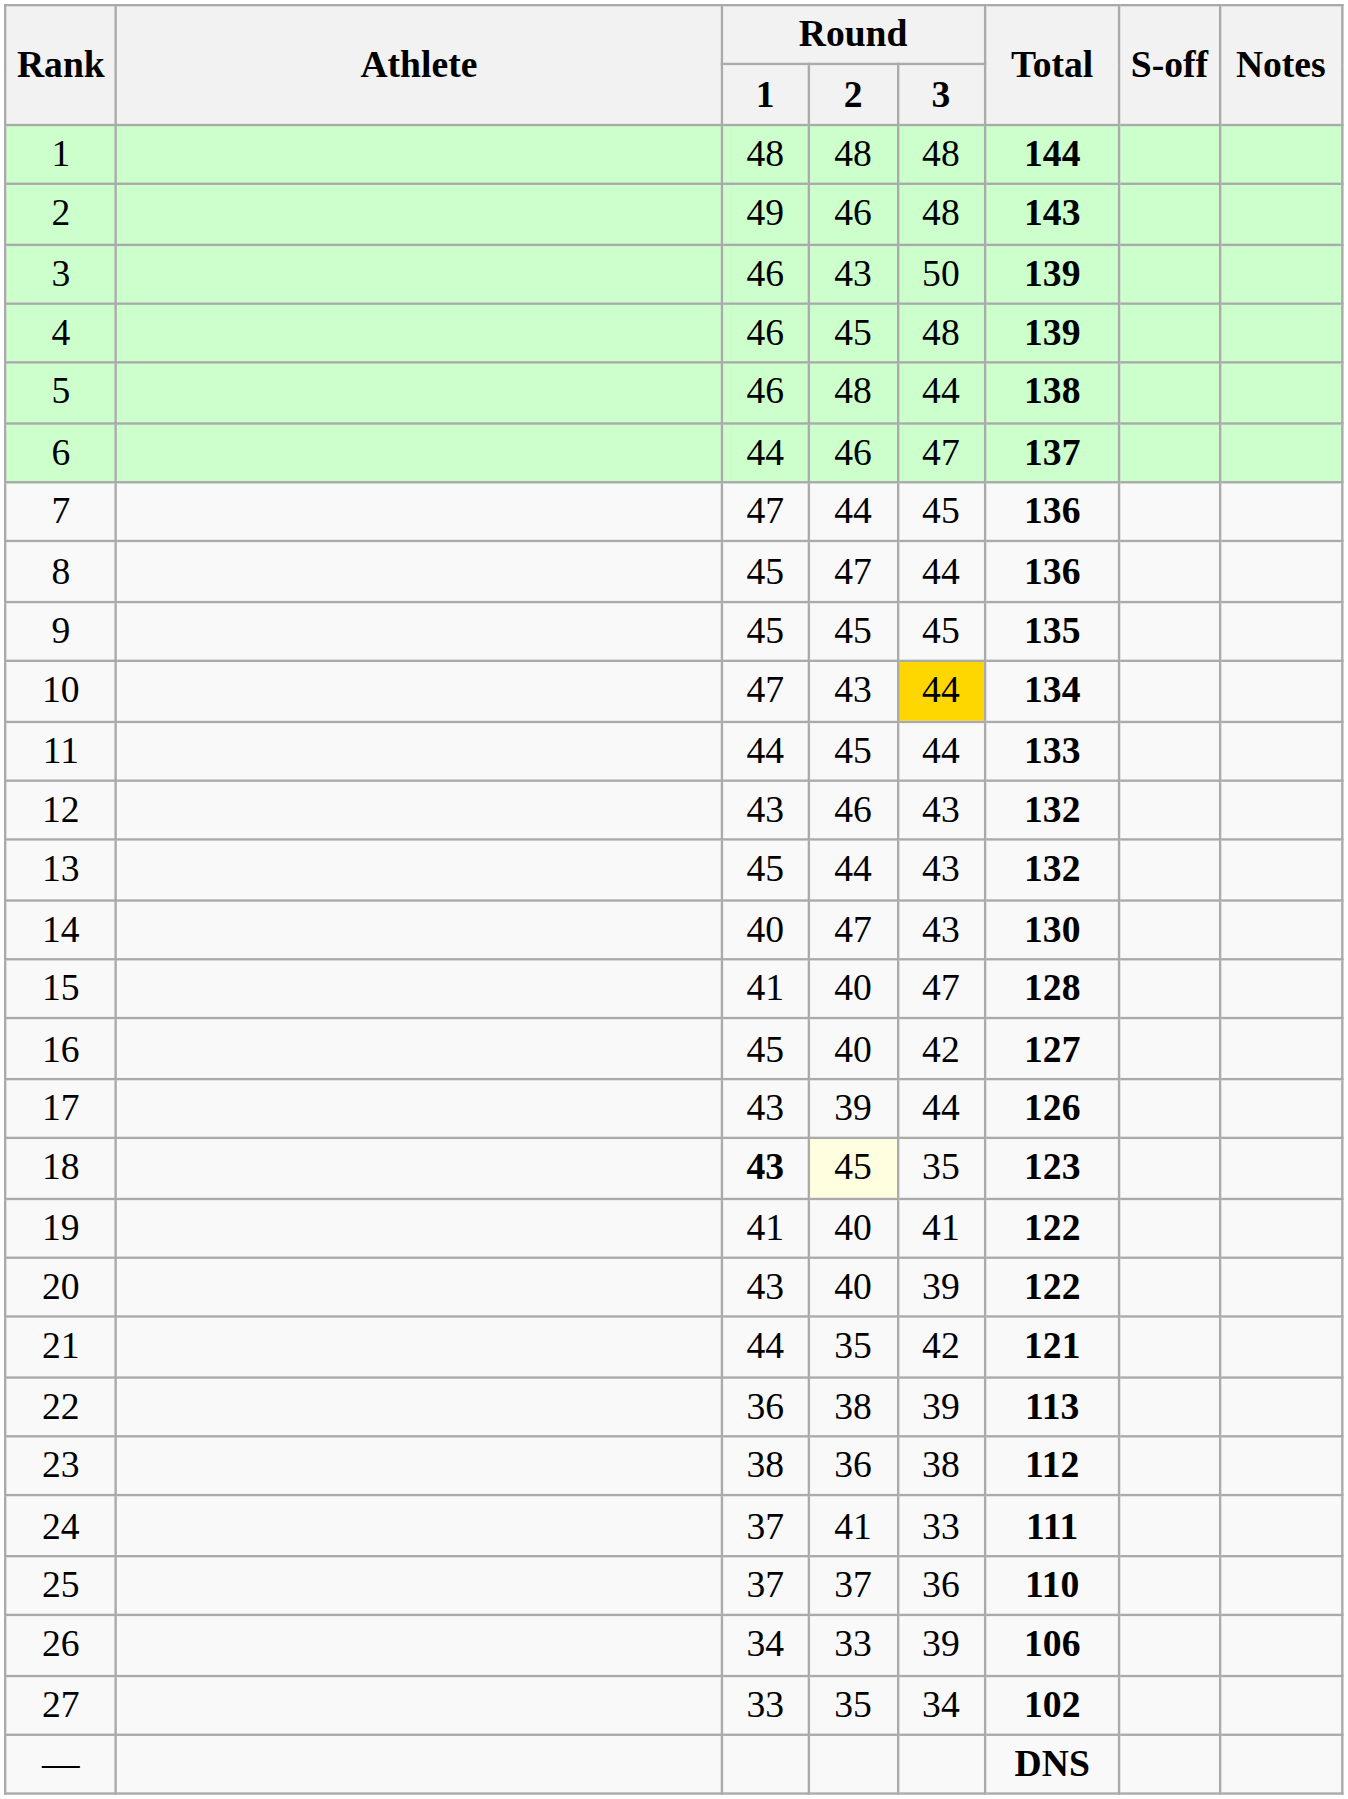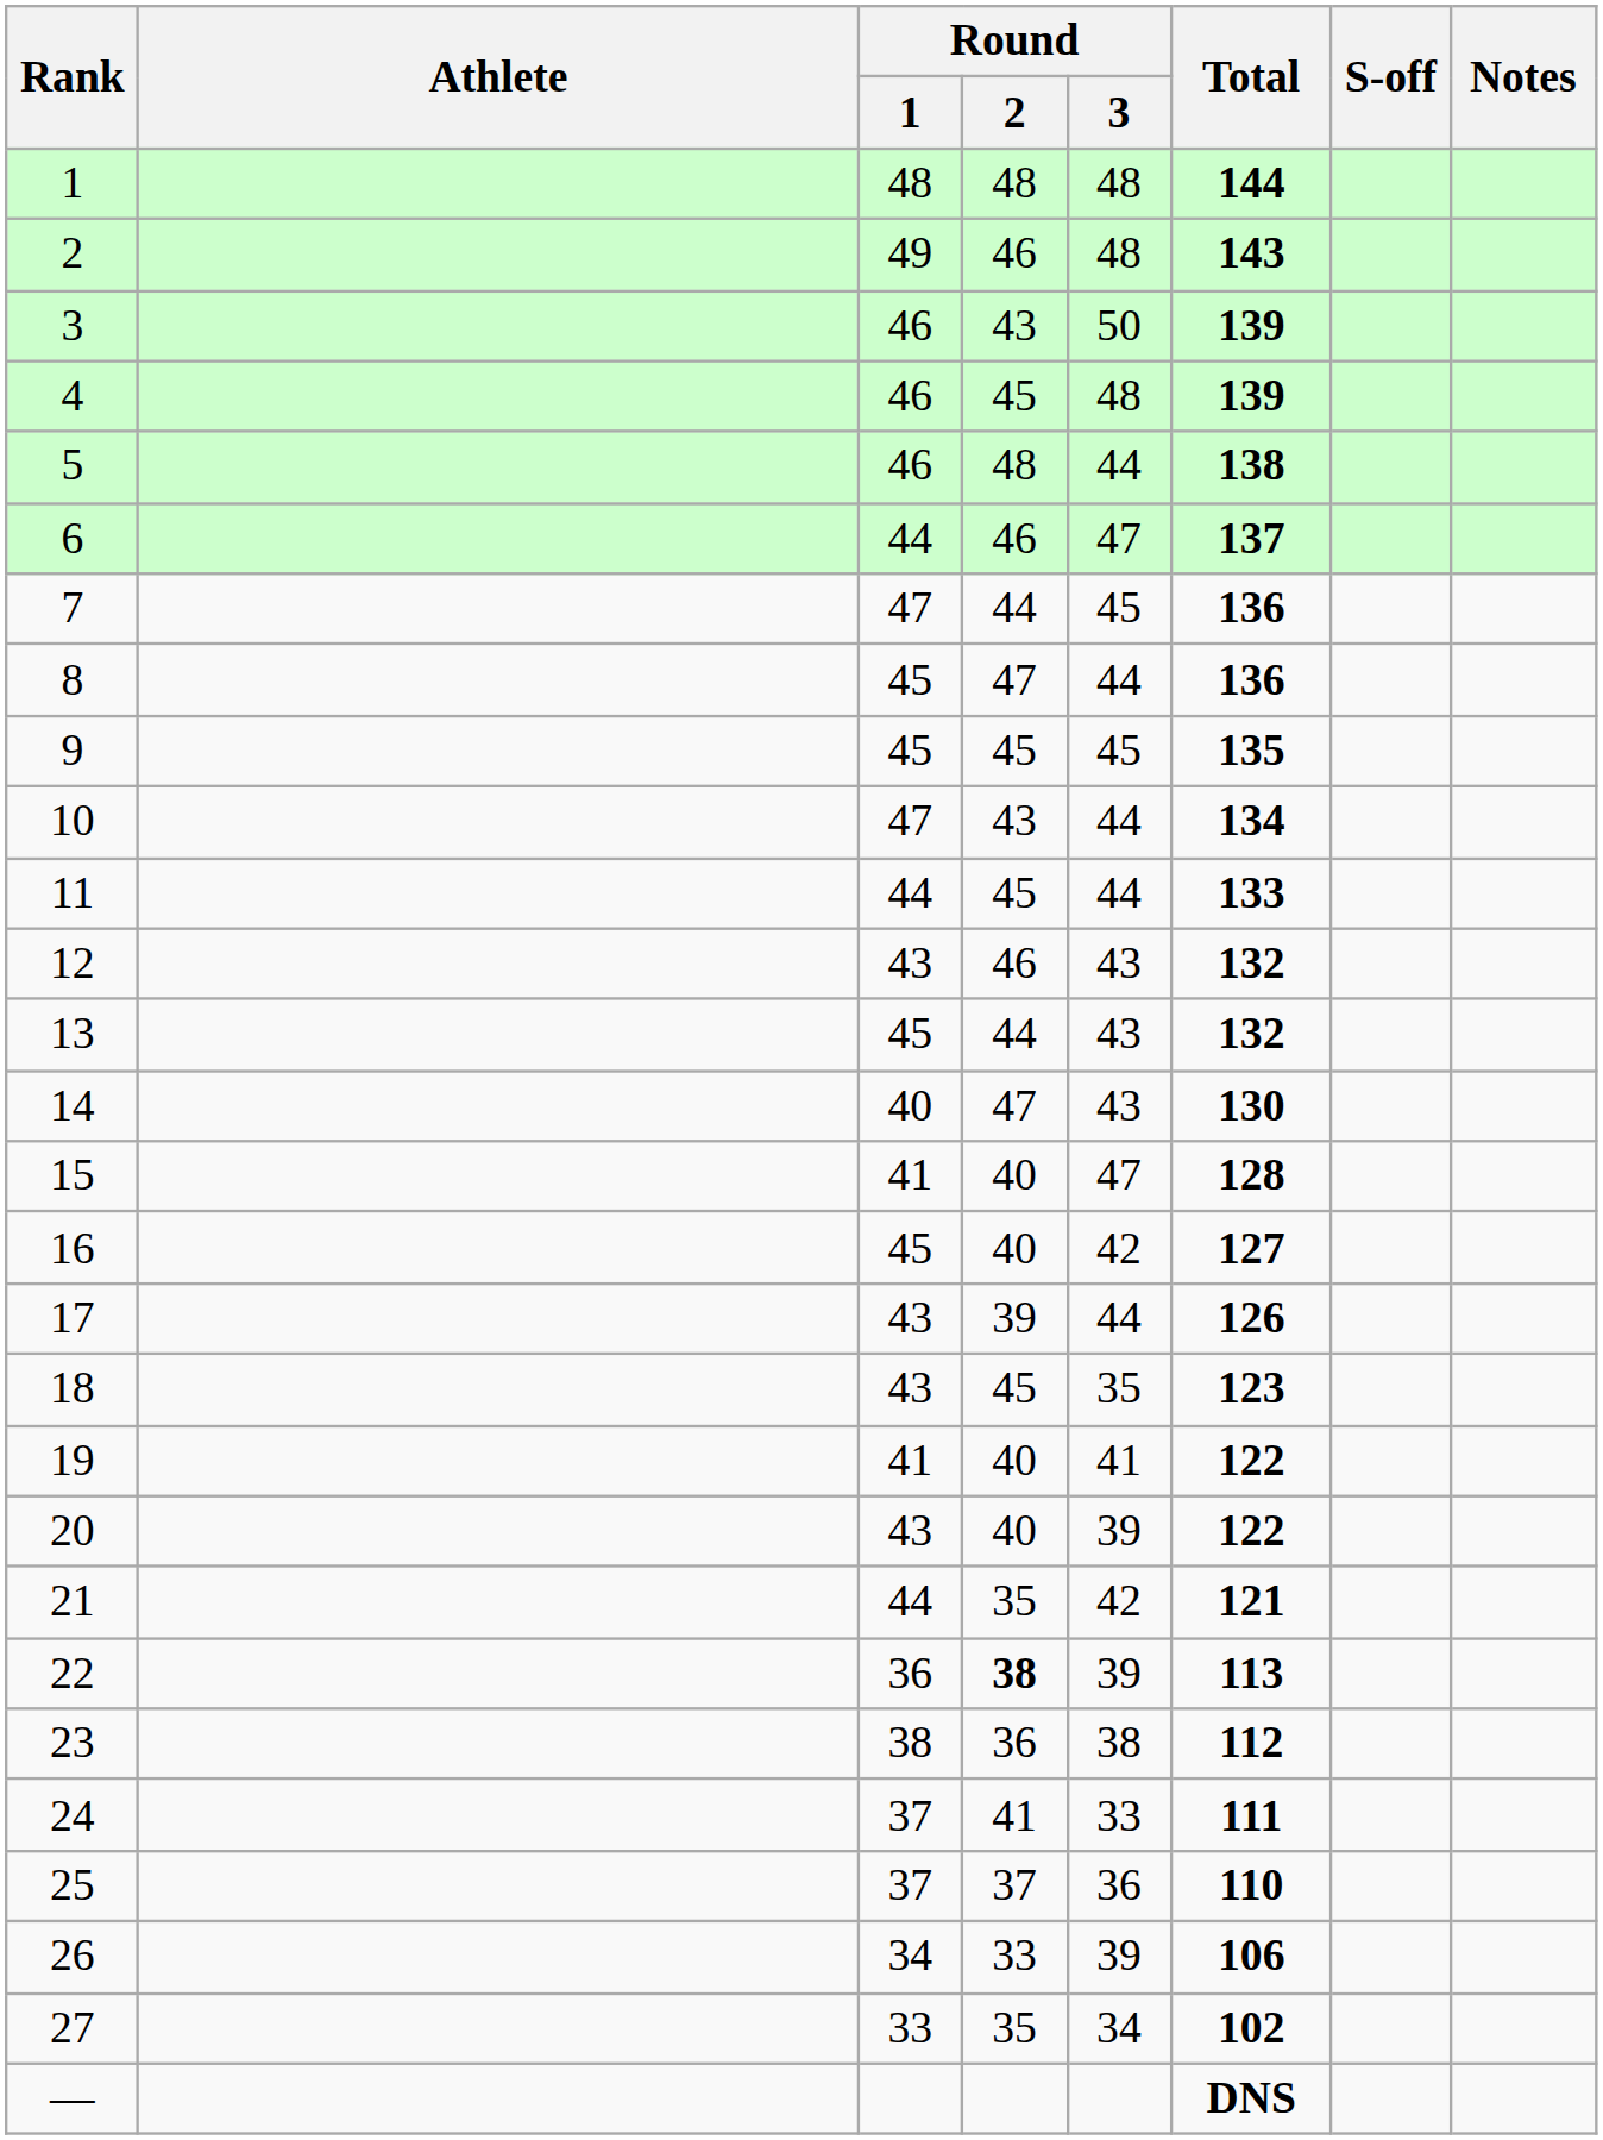 <table class="wikitable" style="text-align:center">
 <tr>
 <th rowspan=2 width=40>Rank</th>
 <th rowspan=2 width=250>Athlete</th>
 <th colspan=3>Round</th>
 <th rowspan=2 width=50>Total</th>
 <th rowspan=2 width=35>S-off</th>
 <th rowspan=2 width=45>Notes</th>
 </tr>
 <tr>
 <th width=30>1</th>
 <th width=30>2</th>
 <th width=30>3</th>
 </tr>
 <tr bgcolor=ccffcc>
 <td>1</td>
 <td align=left></td>
 <td>48</td>
 <td>48</td>
 <td>48</td>
 <td><strong>144</strong></td>
 <td></td>
 <td></td>
 </tr>
 <tr bgcolor=ccffcc>
 <td>2</td>
 <td align=left></td>
 <td>49</td>
 <td>46</td>
 <td>48</td>
 <td><strong>143</strong></td>
 <td></td>
 <td></td>
 </tr>
 <tr bgcolor=ccffcc>
 <td>3</td>
 <td align=left></td>
 <td>46</td>
 <td>43</td>
 <td>50</td>
 <td><strong>139</strong></td>
 <td></td>
 <td></td>
 </tr>
 <tr bgcolor=ccffcc>
 <td>4</td>
 <td align=left></td>
 <td>46</td>
 <td>45</td>
 <td>48</td>
 <td><strong>139</strong></td>
 <td></td>
 <td></td>
 </tr>
 <tr bgcolor=ccffcc>
 <td>5</td>
 <td align=left></td>
 <td>46</td>
 <td>48</td>
 <td>44</td>
 <td><strong>138</strong></td>
 <td></td>
 <td></td>
 </tr>
 <tr bgcolor=ccffcc>
 <td>6</td>
 <td align=left></td>
 <td>44</td>
 <td>46</td>
 <td>47</td>
 <td><strong>137</strong></td>
 <td></td>
 <td></td>
 </tr>
 <tr>
 <td>7</td>
 <td align=left></td>
 <td>47</td>
 <td>44</td>
 <td>45</td>
 <td><strong>136</strong></td>
 <td></td>
 <td></td>
 </tr>
 <tr>
 <td>8</td>
 <td align=left></td>
 <td>45</td>
 <td>47</td>
 <td>44</td>
 <td><strong>136</strong></td>
 <td></td>
 <td></td>
 </tr>
 <tr>
 <td>9</td>
 <td align=left></td>
 <td>45</td>
 <td>45</td>
 <td>45</td>
 <td><strong>135</strong></td>
 <td></td>
 <td></td>
 </tr>
 <tr>
 <td>10</td>
 <td align=left></td>
 <td>47</td>
 <td>43</td>
-<td style="background: gold;">44</td>
+<td>44</td>
 <td><strong>134</strong></td>
 <td></td>
 <td></td>
 </tr>
 <tr>
 <td>11</td>
 <td align=left></td>
 <td>44</td>
 <td>45</td>
 <td>44</td>
 <td><strong>133</strong></td>
 <td></td>
 <td></td>
 </tr>
 <tr>
 <td>12</td>
 <td align=left></td>
 <td>43</td>
 <td>46</td>
 <td>43</td>
 <td><strong>132</strong></td>
 <td></td>
 <td></td>
 </tr>
 <tr>
 <td>13</td>
 <td align=left></td>
 <td>45</td>
 <td>44</td>
 <td>43</td>
 <td><strong>132</strong></td>
 <td></td>
 <td></td>
 </tr>
 <tr>
 <td>14</td>
 <td align=left></td>
 <td>40</td>
 <td>47</td>
 <td>43</td>
 <td><strong>130</strong></td>
 <td></td>
 <td></td>
 </tr>
 <tr>
 <td>15</td>
 <td align=left></td>
 <td>41</td>
 <td>40</td>
 <td>47</td>
 <td><strong>128</strong></td>
 <td></td>
 <td></td>
 </tr>
 <tr>
 <td>16</td>
 <td align=left></td>
 <td>45</td>
 <td>40</td>
 <td>42</td>
 <td><strong>127</strong></td>
 <td></td>
 <td></td>
 </tr>
 <tr>
 <td>17</td>
 <td align=left></td>
 <td>43</td>
 <td>39</td>
 <td>44</td>
 <td><strong>126</strong></td>
 <td></td>
 <td></td>
 </tr>
 <tr>
 <td>18</td>
 <td align=left></td>
-<td><strong>43</strong></td>
-<td style="background: lightyellow;">45</td>
+<td>43</td>
+<td>45</td>
 <td>35</td>
 <td><strong>123</strong></td>
 <td></td>
 <td></td>
 </tr>
 <tr>
 <td>19</td>
 <td align=left></td>
 <td>41</td>
 <td>40</td>
 <td>41</td>
 <td><strong>122</strong></td>
 <td></td>
 <td></td>
 </tr>
 <tr>
 <td>20</td>
 <td align=left></td>
 <td>43</td>
 <td>40</td>
 <td>39</td>
 <td><strong>122</strong></td>
 <td></td>
 <td></td>
 </tr>
 <tr>
 <td>21</td>
 <td align=left></td>
 <td>44</td>
 <td>35</td>
 <td>42</td>
 <td><strong>121</strong></td>
 <td></td>
 <td></td>
 </tr>
 <tr>
 <td>22</td>
 <td align=left></td>
 <td>36</td>
-<td>38</td>
+<td><strong>38</strong></td>
 <td>39</td>
 <td><strong>113</strong></td>
 <td></td>
 <td></td>
 </tr>
 <tr>
 <td>23</td>
 <td align=left></td>
 <td>38</td>
 <td>36</td>
 <td>38</td>
 <td><strong>112</strong></td>
 <td></td>
 <td></td>
 </tr>
 <tr>
 <td>24</td>
 <td align=left></td>
 <td>37</td>
 <td>41</td>
 <td>33</td>
 <td><strong>111</strong></td>
 <td></td>
 <td></td>
 </tr>
 <tr>
 <td>25</td>
 <td align=left></td>
 <td>37</td>
 <td>37</td>
 <td>36</td>
 <td><strong>110</strong></td>
 <td></td>
 <td></td>
 </tr>
 <tr>
 <td>26</td>
 <td align=left></td>
 <td>34</td>
 <td>33</td>
 <td>39</td>
 <td><strong>106</strong></td>
 <td></td>
 <td></td>
 </tr>
 <tr>
 <td>27</td>
 <td align=left></td>
 <td>33</td>
 <td>35</td>
 <td>34</td>
 <td><strong>102</strong></td>
 <td></td>
 <td></td>
 </tr>
 <tr>
 <td>—</td>
 <td align=left></td>
 <td></td>
 <td></td>
 <td></td>
 <td><strong>DNS</strong></td>
 <td></td>
 <td></td>
 </tr>
 </table>
